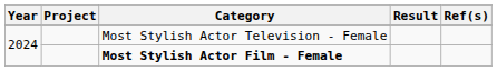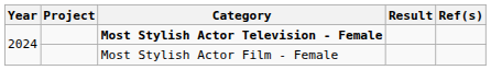 <table class="wikitable style">
 <tr>
 <th>Year</th>
 <th>Project</th>
 <th>Category</th>
 <th>Result</th>
 <th>Ref(s)</th>
 </tr>
 <tr>
 <td rowspan="2">2024</td>
 <td></td>
-<td>Most Stylish Actor Television - Female</td>
+<td><strong>Most Stylish Actor Television - Female</strong></td>
 <td></td>
 <td></td>
 </tr>
 <tr>
 <td></td>
-<td><strong>Most Stylish Actor Film - Female</strong></td>
+<td>Most Stylish Actor Film - Female</td>
 <td></td>
 <td></td>
 </tr>
 </table>
